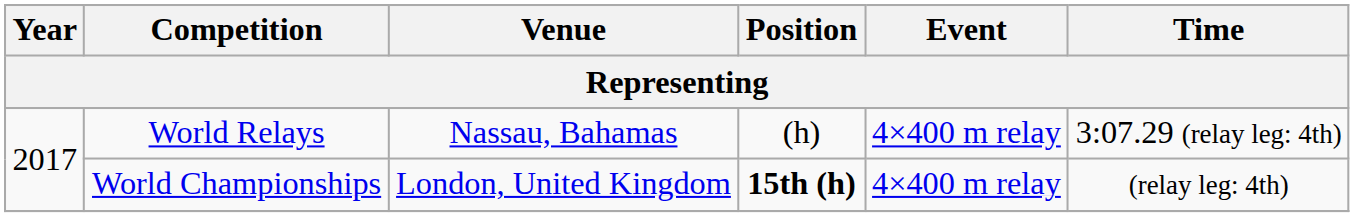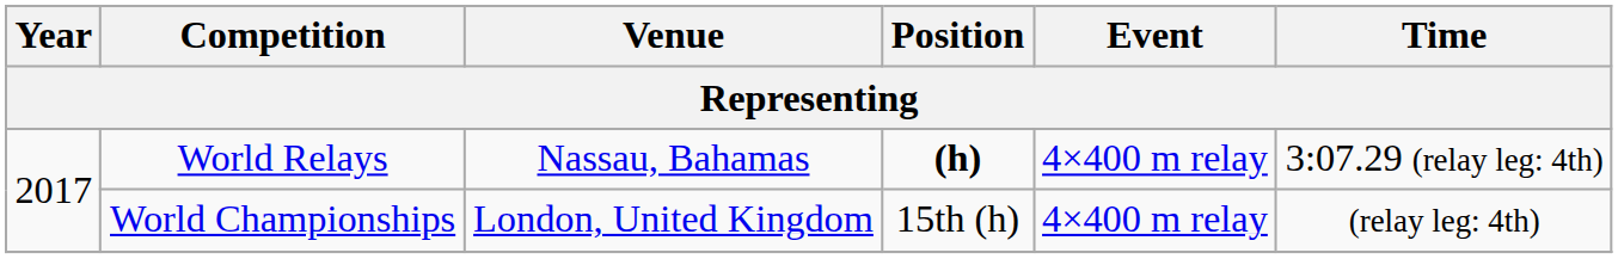 <table class="wikitable sortable" style=text-align:center>
 <tr>
 <th>Year</th>
 <th>Competition</th>
 <th>Venue</th>
 <th>Position</th>
 <th>Event</th>
 <th>Time</th>
 </tr>
 <tr>
 <th colspan="6">Representing </th>
 </tr>
 <tr>
 <td rowspan=2>2017</td>
 <td><a href='#'>World Relays</a></td>
 <td><a href='#'>Nassau, Bahamas</a></td>
-<td> (h)</td>
+<td><strong> (h)</strong></td>
 <td><a href='#'>4×400 m relay</a></td>
 <td>3:07.29 <small>(relay leg: 4th)</small></td>
 </tr>
 <tr>
 <td><a href='#'>World Championships</a></td>
 <td><a href='#'>London, United Kingdom</a></td>
-<td><strong>15th (h)</strong></td>
+<td>15th (h)</td>
 <td><a href='#'>4×400 m relay</a></td>
 <td> <small>(relay leg: 4th)</small></td>
 </tr>
 <tr>
 </tr>
 </table>
